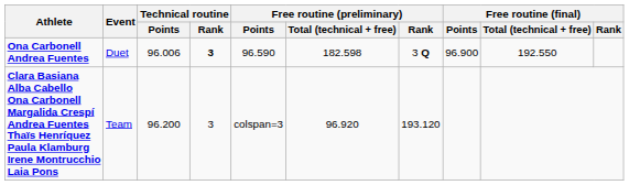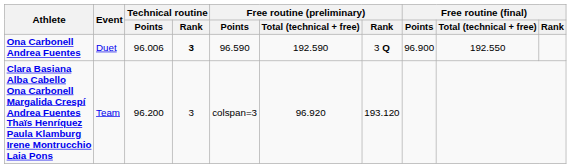 <table class="wikitable" style="font-size:90%">
 <tr>
 <th rowspan=2>Athlete</th>
 <th rowspan=2>Event</th>
 <th colspan=2>Technical routine</th>
 <th colspan=3>Free routine (preliminary)</th>
 <th colspan=3>Free routine (final)</th>
 </tr>
 <tr style="font-size:95%">
 <th>Points</th>
 <th>Rank</th>
 <th>Points</th>
 <th>Total (technical + free)</th>
 <th>Rank</th>
 <th>Points</th>
 <th>Total (technical + free)</th>
 <th>Rank</th>
 </tr>
 <tr align=center>
 <td align=left><strong><a href='#'>Ona Carbonell</a><br><a href='#'>Andrea Fuentes</a></strong></td>
 <td align=left><a href='#'>Duet</a></td>
 <td>96.006</td>
 <td><strong>3</strong></td>
 <td>96.590</td>
-<td>182.598</td>
+<td>192.590</td>
 <td>3 <strong>Q</strong></td>
 <td>96.900</td>
 <td>192.550</td>
 <td></td>
 </tr>
 <tr align=center>
 <td align=left><strong><a href='#'>Clara Basiana</a><br><a href='#'>Alba Cabello</a><br><a href='#'>Ona Carbonell</a><br><a href='#'>Margalida Crespí</a><br><a href='#'>Andrea Fuentes</a><br><a href='#'>Thaïs Henríquez</a><br><a href='#'>Paula Klamburg</a><br><a href='#'>Irene Montrucchio</a><br><a href='#'>Laia Pons</a></strong></td>
 <td align=left><a href='#'>Team</a></td>
 <td>96.200</td>
 <td>3</td>
 <td>colspan=3 </td>
 <td>96.920</td>
 <td>193.120</td>
 <td></td>
 </tr>
 </table>
